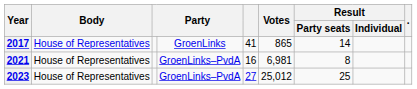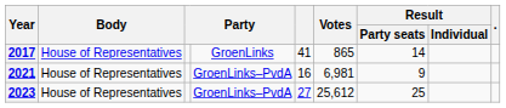 <table class="wikitable plainrowheaders sortable" border=2 cellpadding=4 cellspacing=0 style="border: 1px #aaa solid; font-size: 90%; text-align:center;">
 <tr>
 <th scope="col" rowspan=2>Year</th>
 <th scope="col" rowspan=2>Body</th>
 <th scope="col" colspan=2 rowspan=2>Party</th>
 <th scope="col" rowspan=2></th>
 <th scope="col" rowspan=2>Votes</th>
 <th scope="colgroup" colspan=2>Result</th>
 <th scope="col" rowspan=2 class="unsortable">.</th>
 </tr>
 <tr>
 <th scope="col">Party seats</th>
 <th scope="col">Individual</th>
 </tr>
 <tr>
 <th scope="row"><a href='#'>2017</a></th>
 <td><a href='#'>House of Representatives</a></td>
 <td style="background-color:"></td>
 <td><a href='#'>GroenLinks</a></td>
 <td style=text-align:right>41</td>
 <td style=text-align:right>865</td>
 <td style=text-align:right>14</td>
 <td></td>
 <td></td>
 </tr>
 <tr>
 <th scope="row"><a href='#'>2021</a></th>
 <td>House of Representatives</td>
 <td style="background-color:"></td>
 <td><a href='#'>GroenLinks–PvdA</a></td>
 <td style=text-align:right>16</td>
 <td style=text-align:right>6,981</td>
-<td style=text-align:right>8</td>
+<td style=text-align:right>9</td>
 <td></td>
 <td></td>
 </tr>
 <tr>
 <th scope="row"><a href='#'>2023</a></th>
 <td>House of Representatives</td>
 <td style="background-color:"></td>
 <td><a href='#'>GroenLinks–PvdA</a></td>
 <td style=text-align:right><a href='#'>27</a></td>
-<td style=text-align:right>25,012</td>
+<td style=text-align:right>25,612</td>
 <td style=text-align:right>25</td>
 <td></td>
 <td></td>
 </tr>
 </table>
